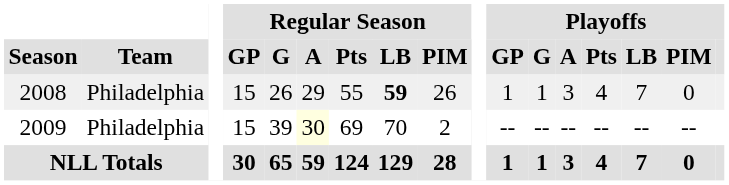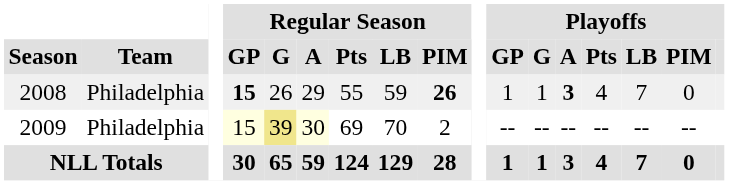 <table BORDER="0" CELLPADDING="3" CELLSPACING="0">
 <tr ALIGN="center" bgcolor="#e0e0e0">
 <th colspan="2" bgcolor="#ffffff"> </th>
 <th rowspan="99" bgcolor="#ffffff"> </th>
 <th colspan="6">Regular Season</th>
 <th rowspan="99" bgcolor="#ffffff"> </th>
 <th colspan="7">Playoffs</th>
 </tr>
 <tr ALIGN="center" bgcolor="#e0e0e0">
 <th>Season</th>
 <th>Team</th>
 <th>GP</th>
 <th>G</th>
 <th>A</th>
 <th>Pts</th>
 <th>LB</th>
 <th>PIM</th>
 <th>GP</th>
 <th>G</th>
 <th>A</th>
 <th>Pts</th>
 <th>LB</th>
 <th>PIM</th>
 <th></th>
 </tr>
 <tr ALIGN="center" bgcolor="#f0f0f0">
 <td>2008</td>
 <td>Philadelphia</td>
-<td>15</td>
+<td><strong>15</strong></td>
 <td>26</td>
 <td>29</td>
 <td>55</td>
-<td><strong>59</strong></td>
-<td>26</td>
+<td>59</td>
+<td><strong>26</strong></td>
 <td>1</td>
 <td>1</td>
-<td>3</td>
+<td><strong>3</strong></td>
 <td>4</td>
 <td>7</td>
 <td>0</td>
 <td></td>
 </tr>
 <tr ALIGN="center">
 <td>2009</td>
 <td>Philadelphia</td>
-<td>15</td>
-<td>39</td>
+<td style="background: lightyellow;">15</td>
+<td style="background: khaki;">39</td>
 <td style="background: lightyellow;">30</td>
 <td>69</td>
 <td>70</td>
 <td>2</td>
 <td>--</td>
 <td>--</td>
 <td>--</td>
 <td>--</td>
 <td>--</td>
 <td>--</td>
 <td></td>
 </tr>
 <tr ALIGN="center" bgcolor="#e0e0e0">
 <th colspan="2">NLL Totals</th>
 <th>30</th>
 <th>65</th>
 <th>59</th>
 <th>124</th>
 <th>129</th>
 <th>28</th>
 <th>1</th>
 <th>1</th>
 <th>3</th>
 <th>4</th>
 <th>7</th>
 <th>0</th>
 <th></th>
 </tr>
 </table>
